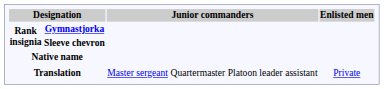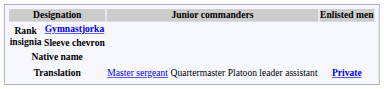 <table style="border:1px solid #8888aa; background-color:#f7f8ff; padding:5px; font-size:95%; margin: 0px 12px 12px 0px;">
 <tr bgcolor="#CCCCCC">
 <th colspan=2>Designation</th>
 <th colspan=3><strong>Junior commanders</strong></th>
 <th colspan=1><strong>Enlisted men</strong></th>
 </tr>
 <tr style="text-align:center;">
 <th rowspan=2>Rank<br>insignia</th>
 <th><a href='#'>Gymnastjorka</a></th>
 <td></td>
 <td></td>
 <td></td>
 <td></td>
 </tr>
 <tr style="text-align:center;">
 <th>Sleeve chevron</th>
 <td colspan=3></td>
 <td></td>
 </tr>
 <tr style="text-align:center;">
 <th colspan=2>Native name</th>
 <td><br></td>
 <td><br></td>
 <td><br></td>
 <td><br></td>
 </tr>
 <tr style="text-align:center;">
 <td colspan=6></td>
 </tr>
 <tr style="text-align:center;">
 <th colspan=2>Translation</th>
 <td><a href='#'>Master sergeant</a></td>
 <td>Quartermaster</td>
 <td>Platoon leader assistant</td>
-<td><a href='#'>Private</a></td>
+<td><strong><a href='#'>Private</a></strong></td>
 </tr>
 </table>
